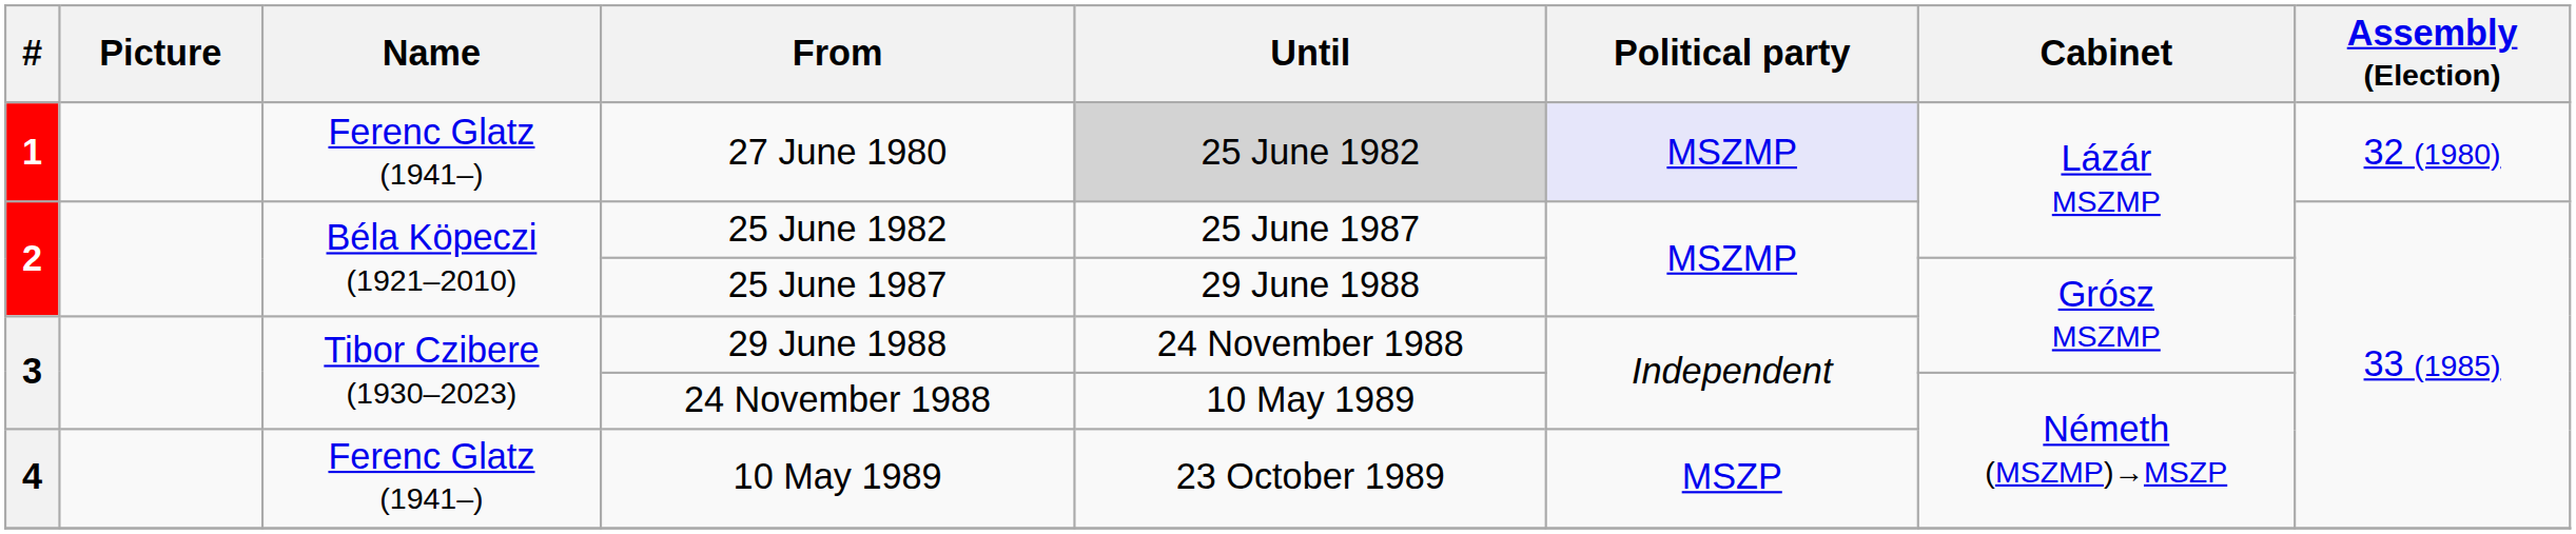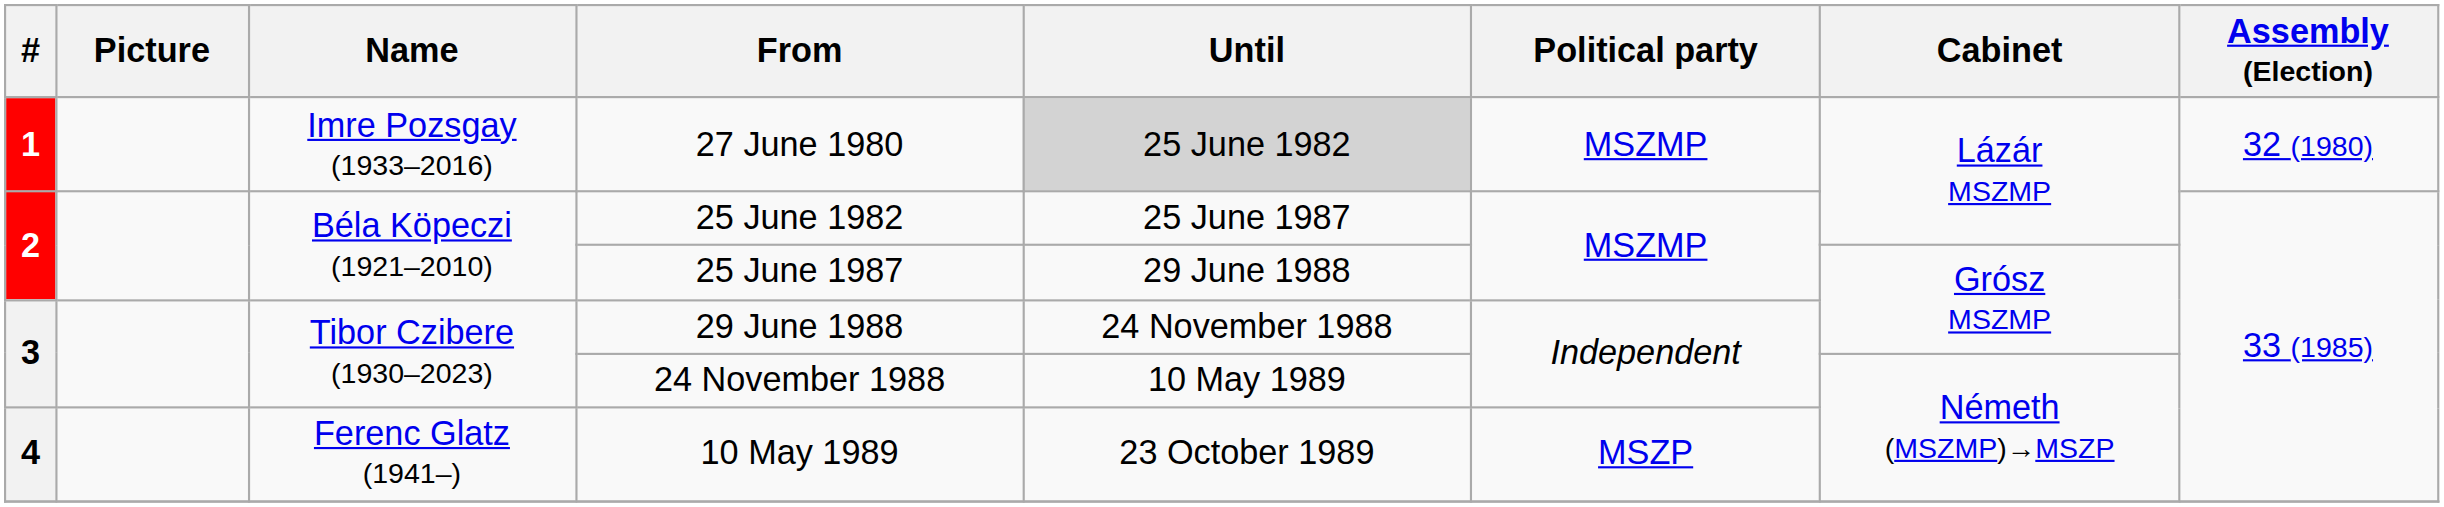 <table width=90% class="wikitable" style="text-align:center">
 <tr>
 <th>#</th>
 <th>Picture</th>
 <th>Name</th>
 <th>From</th>
 <th>Until</th>
 <th>Political party</th>
 <th>Cabinet</th>
 <th><a href='#'>Assembly</a><br><small>(Election)</small></th>
 </tr>
 <tr>
 <th style="background:Red; color:white">1</th>
 <td></td>
-<td><a href='#'>Ferenc Glatz</a><br><small>(1941–)</small></td>
+<td><a href='#'>Imre Pozsgay</a><br><small>(1933–2016)</small></td>
 <td>27 June 1980</td>
 <td style="background: lightgrey;">25 June 1982</td>
-<td style="background: lavender;"><a href='#'>MSZMP</a></td>
+<td><a href='#'>MSZMP</a></td>
 <td rowspan="3"><a href='#'>Lázár</a><br><small><a href='#'>MSZMP</a></small></td>
 <td rowspan="2"><a href='#'>32 <small>(1980)</small></a></td>
 </tr>
 <tr>
 <th rowspan="3" style="background:Red; color:white">2</th>
 <td rowspan="3"></td>
 <td rowspan="3"><a href='#'>Béla Köpeczi</a><br><small>(1921–2010)</small></td>
 <td rowspan="2">25 June 1982</td>
 <td rowspan="2">25 June 1987</td>
 <td rowspan="3"><a href='#'>MSZMP</a></td>
 </tr>
 <tr>
 <td rowspan="5"><a href='#'>33 <small>(1985)</small></a></td>
 </tr>
 <tr>
 <td>25 June 1987</td>
 <td>29 June 1988</td>
 <td rowspan="2"><a href='#'>Grósz</a><br><small><a href='#'>MSZMP</a></small></td>
 </tr>
 <tr>
 <th rowspan="2" style="background-color:">3</th>
 <td rowspan="2"></td>
 <td rowspan="2"><a href='#'>Tibor Czibere</a><br><small>(1930–2023)</small></td>
 <td>29 June 1988</td>
 <td>24 November 1988</td>
 <td rowspan="2"><em>Independent</em></td>
 </tr>
 <tr>
 <td>24 November 1988</td>
 <td>10 May 1989</td>
 <td rowspan="2"><a href='#'>Németh</a><br><small>(<a href='#'>MSZMP</a>)→<a href='#'>MSZP</a></small></td>
 </tr>
 <tr>
 <th style="background:">4</th>
 <td></td>
 <td><a href='#'>Ferenc Glatz</a><br><small>(1941–)</small></td>
 <td>10 May 1989</td>
 <td>23 October 1989</td>
 <td><a href='#'>MSZP</a></td>
 </tr>
 <tr>
 </tr>
 </table>
